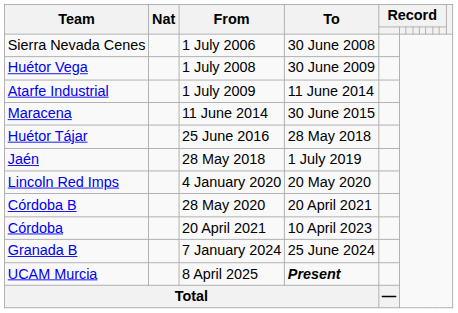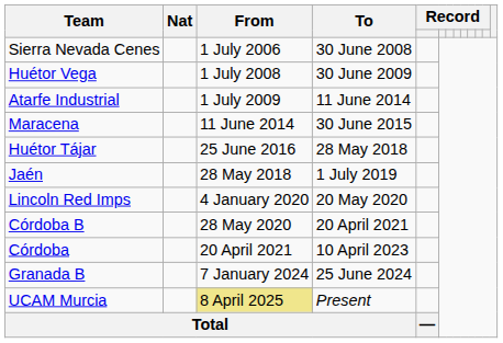 <table class="wikitable" style="text-align: center">
 <tr>
 <th rowspan="2">Team</th>
 <th rowspan="2">Nat</th>
 <th rowspan="2">From</th>
 <th rowspan="2">To</th>
 <th colspan="8">Record</th>
 <th rowspan=2></th>
 </tr>
 <tr>
 <th></th>
 <th></th>
 <th></th>
 <th></th>
 <th></th>
 <th></th>
 <th></th>
 <th></th>
 </tr>
 <tr>
 <td align=left>Sierra Nevada Cenes</td>
 <td></td>
 <td align=left>1 July 2006</td>
 <td align=left>30 June 2008<br></td>
 <td></td>
 </tr>
 <tr>
 <td align=left><a href='#'>Huétor Vega</a></td>
 <td></td>
 <td align=left>1 July 2008</td>
 <td align=left>30 June 2009<br></td>
 <td></td>
 </tr>
 <tr>
 <td align=left><a href='#'>Atarfe Industrial</a></td>
 <td></td>
 <td align=left>1 July 2009</td>
 <td align=left>11 June 2014<br></td>
 <td></td>
 </tr>
 <tr>
 <td align=left><a href='#'>Maracena</a></td>
 <td></td>
 <td align=left>11 June 2014</td>
 <td align=left>30 June 2015<br></td>
 <td></td>
 </tr>
 <tr>
 <td align=left><a href='#'>Huétor Tájar</a></td>
 <td></td>
 <td align=left>25 June 2016</td>
 <td align=left>28 May 2018<br></td>
 <td></td>
 </tr>
 <tr>
 <td align=left><a href='#'>Jaén</a></td>
 <td></td>
 <td align=left>28 May 2018</td>
 <td align=left>1 July 2019<br></td>
 <td></td>
 </tr>
 <tr>
 <td align=left><a href='#'>Lincoln Red Imps</a></td>
 <td></td>
 <td align=left>4 January 2020</td>
 <td align=left>20 May 2020<br></td>
 <td></td>
 </tr>
 <tr>
 <td align=left><a href='#'>Córdoba B</a></td>
 <td></td>
 <td align=left>28 May 2020</td>
 <td align=left>20 April 2021<br></td>
 <td></td>
 </tr>
 <tr>
 <td align=left><a href='#'>Córdoba</a></td>
 <td></td>
 <td align=left>20 April 2021</td>
 <td align=left>10 April 2023<br></td>
 <td></td>
 </tr>
 <tr>
 <td align=left><a href='#'>Granada B</a></td>
 <td></td>
 <td align=left>7 January 2024</td>
 <td align=left>25 June 2024<br></td>
 <td></td>
 </tr>
 <tr>
 <td align=left><a href='#'>UCAM Murcia</a></td>
 <td></td>
-<td align=left>8 April 2025</td>
-<td align=left><strong><em>Present</em><br></strong></td>
+<td align=left style="background: khaki;">8 April 2025</td>
+<td align=left><em>Present</em><br></td>
 <td></td>
 </tr>
 <tr>
 <th colspan="4">Total<br></th>
 <th>—</th>
 </tr>
 </table>
